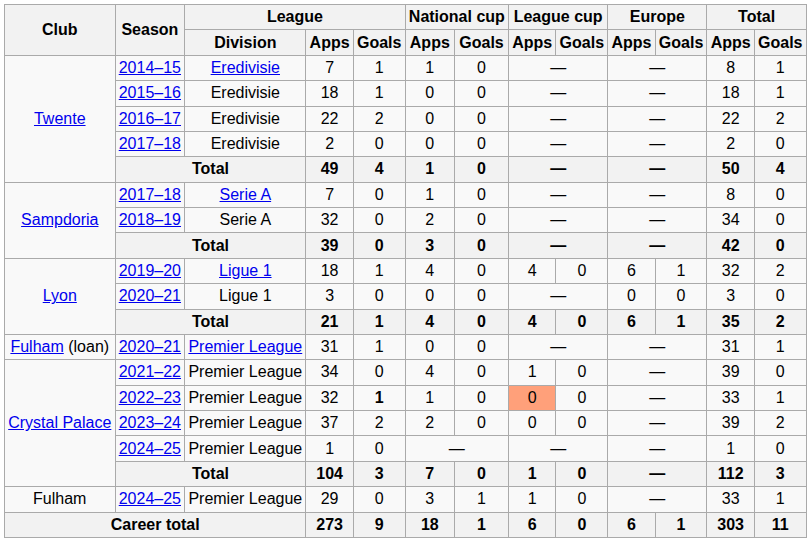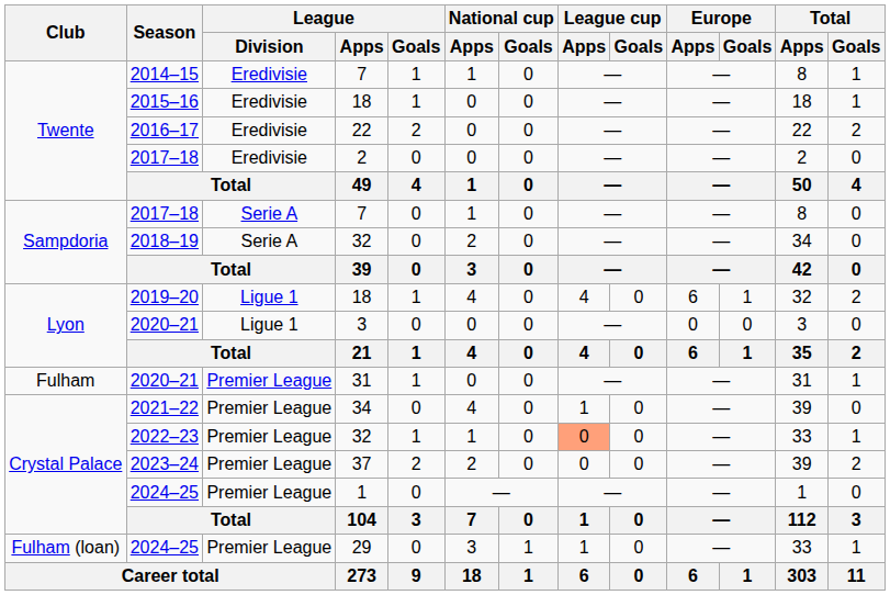 <table class="wikitable" style="text-align: center;">
 <tr>
 <th rowspan="2">Club</th>
 <th rowspan="2">Season</th>
 <th colspan="3">League</th>
 <th colspan="2">National cup</th>
 <th colspan="2">League cup</th>
 <th colspan="2">Europe</th>
 <th colspan="2">Total</th>
 </tr>
 <tr>
 <th>Division</th>
 <th>Apps</th>
 <th>Goals</th>
 <th>Apps</th>
 <th>Goals</th>
 <th>Apps</th>
 <th>Goals</th>
 <th>Apps</th>
 <th>Goals</th>
 <th>Apps</th>
 <th>Goals</th>
 </tr>
 <tr>
 <td rowspan="5"><a href='#'>Twente</a></td>
 <td><a href='#'>2014–15</a></td>
 <td><a href='#'>Eredivisie</a></td>
 <td>7</td>
 <td>1</td>
 <td>1</td>
 <td>0</td>
 <td colspan="2">—</td>
 <td colspan="2">—</td>
 <td>8</td>
 <td>1</td>
 </tr>
 <tr>
 <td><a href='#'>2015–16</a></td>
 <td>Eredivisie</td>
 <td>18</td>
 <td>1</td>
 <td>0</td>
 <td>0</td>
 <td colspan="2">—</td>
 <td colspan="2“">—</td>
 <td>18</td>
 <td>1</td>
 </tr>
 <tr>
 <td><a href='#'>2016–17</a></td>
 <td>Eredivisie</td>
 <td>22</td>
 <td>2</td>
 <td>0</td>
 <td>0</td>
 <td colspan="2">—</td>
 <td colspan="2“">—</td>
 <td>22</td>
 <td>2</td>
 </tr>
 <tr>
 <td><a href='#'>2017–18</a></td>
 <td>Eredivisie</td>
 <td>2</td>
 <td>0</td>
 <td>0</td>
 <td>0</td>
 <td colspan="2">—</td>
 <td colspan="2“">—</td>
 <td>2</td>
 <td>0</td>
 </tr>
 <tr>
 <th colspan="2">Total</th>
 <th>49</th>
 <th>4</th>
 <th>1</th>
 <th>0</th>
 <th colspan="2">—</th>
 <th colspan="2">—</th>
 <th>50</th>
 <th>4</th>
 </tr>
 <tr>
 <td rowspan="3"><a href='#'>Sampdoria</a></td>
 <td><a href='#'>2017–18</a></td>
 <td><a href='#'>Serie A</a></td>
 <td>7</td>
 <td>0</td>
 <td>1</td>
 <td>0</td>
 <td colspan="2">—</td>
 <td colspan="2">—</td>
 <td>8</td>
 <td>0</td>
 </tr>
 <tr>
 <td><a href='#'>2018–19</a></td>
 <td>Serie A</td>
 <td>32</td>
 <td>0</td>
 <td>2</td>
 <td>0</td>
 <td colspan="2">—</td>
 <td colspan="2">—</td>
 <td>34</td>
 <td>0</td>
 </tr>
 <tr>
 <th colspan="2">Total</th>
 <th>39</th>
 <th>0</th>
 <th>3</th>
 <th>0</th>
 <th colspan="2">—</th>
 <th colspan="2">—</th>
 <th>42</th>
 <th>0</th>
 </tr>
 <tr>
 <td rowspan="3"><a href='#'>Lyon</a></td>
 <td><a href='#'>2019–20</a></td>
 <td><a href='#'>Ligue 1</a></td>
 <td>18</td>
 <td>1</td>
 <td>4</td>
 <td>0</td>
 <td>4</td>
 <td>0</td>
 <td>6</td>
 <td>1</td>
 <td>32</td>
 <td>2</td>
 </tr>
 <tr>
 <td><a href='#'>2020–21</a></td>
 <td>Ligue 1</td>
 <td>3</td>
 <td>0</td>
 <td>0</td>
 <td>0</td>
 <td colspan="2">—</td>
 <td>0</td>
 <td>0</td>
 <td>3</td>
 <td>0</td>
 </tr>
 <tr>
 <th colspan="2">Total</th>
 <th>21</th>
 <th>1</th>
 <th>4</th>
 <th>0</th>
 <th>4</th>
 <th>0</th>
 <th>6</th>
 <th>1</th>
 <th>35</th>
 <th>2</th>
 </tr>
 <tr>
-<td><a href='#'>Fulham</a> (loan)</td>
+<td>Fulham</td>
 <td><a href='#'>2020–21</a></td>
 <td><a href='#'>Premier League</a></td>
 <td>31</td>
 <td>1</td>
 <td>0</td>
 <td>0</td>
 <td colspan="2">—</td>
 <td colspan="2">—</td>
 <td>31</td>
 <td>1</td>
 </tr>
 <tr>
 <td rowspan="5"><a href='#'>Crystal Palace</a></td>
 <td><a href='#'>2021–22</a></td>
 <td>Premier League</td>
 <td>34</td>
 <td>0</td>
 <td>4</td>
 <td>0</td>
 <td>1</td>
 <td>0</td>
 <td colspan="2">—</td>
 <td>39</td>
 <td>0</td>
 </tr>
 <tr>
 <td><a href='#'>2022–23</a></td>
 <td>Premier League</td>
 <td>32</td>
-<td><strong>1</strong></td>
+<td>1</td>
 <td>1</td>
 <td>0</td>
 <td style="background: lightsalmon;">0</td>
 <td>0</td>
 <td colspan="2">—</td>
 <td>33</td>
 <td>1</td>
 </tr>
 <tr>
 <td><a href='#'>2023–24</a></td>
 <td>Premier League</td>
 <td>37</td>
 <td>2</td>
 <td>2</td>
 <td>0</td>
 <td>0</td>
 <td>0</td>
 <td colspan="2">—</td>
 <td>39</td>
 <td>2</td>
 </tr>
 <tr>
 <td><a href='#'>2024–25</a></td>
 <td>Premier League</td>
 <td>1</td>
 <td>0</td>
 <td colspan="2">—</td>
 <td colspan="2">—</td>
 <td colspan="2">—</td>
 <td>1</td>
 <td>0</td>
 </tr>
 <tr>
 <th colspan="2">Total</th>
 <th>104</th>
 <th>3</th>
 <th>7</th>
 <th>0</th>
 <th>1</th>
 <th>0</th>
 <th colspan="2">—</th>
 <th>112</th>
 <th>3</th>
 </tr>
 <tr>
-<td>Fulham</td>
+<td><a href='#'>Fulham</a> (loan)</td>
 <td><a href='#'>2024–25</a></td>
 <td>Premier League</td>
 <td>29</td>
 <td>0</td>
 <td>3</td>
 <td>1</td>
 <td>1</td>
 <td>0</td>
 <td colspan="2">—</td>
 <td>33</td>
 <td>1</td>
 </tr>
 <tr>
 <th colspan="3">Career total</th>
 <th>273</th>
 <th>9</th>
 <th>18</th>
 <th>1</th>
 <th>6</th>
 <th>0</th>
 <th>6</th>
 <th>1</th>
 <th>303</th>
 <th>11</th>
 </tr>
 </table>
